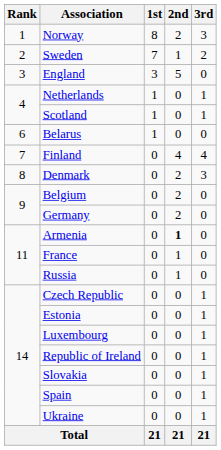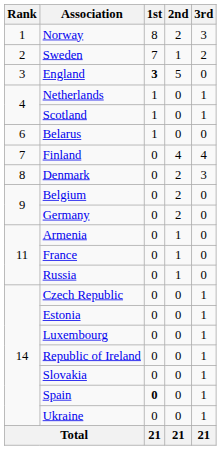 <table class="wikitable" style="text-align:center">
 <tr>
 <th>Rank</th>
 <th>Association</th>
 <th>1st</th>
 <th>2nd</th>
 <th>3rd</th>
 </tr>
 <tr>
 <td>1</td>
 <td align="left"> <a href='#'>Norway</a></td>
 <td>8</td>
 <td>2</td>
 <td>3</td>
 </tr>
 <tr>
 <td>2</td>
 <td align="left"> <a href='#'>Sweden</a></td>
 <td>7</td>
 <td>1</td>
 <td>2</td>
 </tr>
 <tr>
 <td>3</td>
 <td align="left"> <a href='#'>England</a></td>
-<td>3</td>
+<td><strong>3</strong></td>
 <td>5</td>
 <td>0</td>
 </tr>
 <tr>
 <td rowspan="2">4</td>
 <td align="left"> <a href='#'>Netherlands</a></td>
 <td>1</td>
 <td>0</td>
 <td>1</td>
 </tr>
 <tr>
 <td align="left"> <a href='#'>Scotland</a></td>
 <td>1</td>
 <td>0</td>
 <td>1</td>
 </tr>
 <tr>
 <td>6</td>
 <td align="left"> <a href='#'>Belarus</a></td>
 <td>1</td>
 <td>0</td>
 <td>0</td>
 </tr>
 <tr>
 <td>7</td>
 <td align="left"> <a href='#'>Finland</a></td>
 <td>0</td>
 <td>4</td>
 <td>4</td>
 </tr>
 <tr>
 <td>8</td>
 <td align="left"> <a href='#'>Denmark</a></td>
 <td>0</td>
 <td>2</td>
 <td>3</td>
 </tr>
 <tr>
 <td rowspan="2">9</td>
 <td align="left"> <a href='#'>Belgium</a></td>
 <td>0</td>
 <td>2</td>
 <td>0</td>
 </tr>
 <tr>
 <td align="left"> <a href='#'>Germany</a></td>
 <td>0</td>
 <td>2</td>
 <td>0</td>
 </tr>
 <tr>
 <td rowspan="3">11</td>
 <td align="left"> <a href='#'>Armenia</a></td>
 <td>0</td>
-<td><strong>1</strong></td>
+<td>1</td>
 <td>0</td>
 </tr>
 <tr>
 <td align="left"> <a href='#'>France</a></td>
 <td>0</td>
 <td>1</td>
 <td>0</td>
 </tr>
 <tr>
 <td align="left"> <a href='#'>Russia</a></td>
 <td>0</td>
 <td>1</td>
 <td>0</td>
 </tr>
 <tr>
 <td rowspan="7">14</td>
 <td align="left"> <a href='#'>Czech Republic</a></td>
 <td>0</td>
 <td>0</td>
 <td>1</td>
 </tr>
 <tr>
 <td align="left"> <a href='#'>Estonia</a></td>
 <td>0</td>
 <td>0</td>
 <td>1</td>
 </tr>
 <tr>
 <td align="left"> <a href='#'>Luxembourg</a></td>
 <td>0</td>
 <td>0</td>
 <td>1</td>
 </tr>
 <tr>
 <td align="left"> <a href='#'>Republic of Ireland</a></td>
 <td>0</td>
 <td>0</td>
 <td>1</td>
 </tr>
 <tr>
 <td align="left"> <a href='#'>Slovakia</a></td>
 <td>0</td>
 <td>0</td>
 <td>1</td>
 </tr>
 <tr>
 <td align="left"> <a href='#'>Spain</a></td>
-<td>0</td>
+<td><strong>0</strong></td>
 <td>0</td>
 <td>1</td>
 </tr>
 <tr>
 <td align="left"> <a href='#'>Ukraine</a></td>
 <td>0</td>
 <td>0</td>
 <td>1</td>
 </tr>
 <tr>
 <th colspan=2>Total</th>
 <th>21</th>
 <th>21</th>
 <th>21</th>
 </tr>
 </table>
